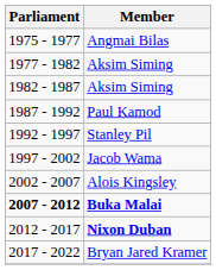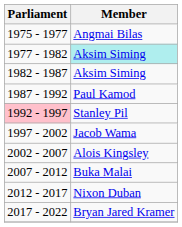 <table class="wikitable">
 <tr>
 <th><strong>Parliament</strong></th>
 <th><strong>Member</strong></th>
 </tr>
 <tr>
 <td>1975 - 1977</td>
 <td><a href='#'>Angmai Bilas</a></td>
 </tr>
 <tr>
 <td>1977 - 1982</td>
-<td><a href='#'>Aksim Siming</a></td>
+<td style="background: paleturquoise;"><a href='#'>Aksim Siming</a></td>
 </tr>
 <tr>
 <td>1982 - 1987</td>
 <td><a href='#'>Aksim Siming</a></td>
 </tr>
 <tr>
 <td>1987 - 1992</td>
 <td><a href='#'>Paul Kamod</a></td>
 </tr>
 <tr>
-<td>1992 - 1997</td>
+<td style="background: pink;">1992 - 1997</td>
 <td><a href='#'>Stanley Pil</a></td>
 </tr>
 <tr>
 <td>1997 - 2002</td>
 <td><a href='#'>Jacob Wama</a></td>
 </tr>
 <tr>
 <td>2002 - 2007</td>
 <td><a href='#'>Alois Kingsley</a></td>
 </tr>
 <tr>
-<td><strong>2007 - 2012</strong></td>
-<td><strong><a href='#'>Buka Malai</a></strong></td>
+<td>2007 - 2012</td>
+<td><a href='#'>Buka Malai</a></td>
 </tr>
 <tr>
 <td>2012 - 2017</td>
-<td><strong><a href='#'>Nixon Duban</a></strong></td>
+<td><a href='#'>Nixon Duban</a></td>
 </tr>
 <tr>
 <td>2017 - 2022</td>
 <td><a href='#'>Bryan Jared Kramer</a></td>
 </tr>
 <tr>
 </tr>
 </table>
